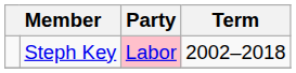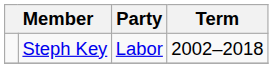 <table class="wikitable">
 <tr>
 <th colspan="2">Member</th>
 <th>Party</th>
 <th>Term</th>
 </tr>
 <tr>
 <td> </td>
 <td><a href='#'>Steph Key</a></td>
-<td style="background: pink;"><a href='#'>Labor</a></td>
+<td><a href='#'>Labor</a></td>
 <td>2002–2018</td>
 </tr>
 <tr>
 </tr>
 </table>
